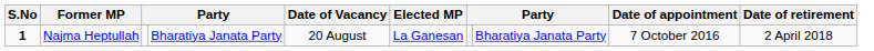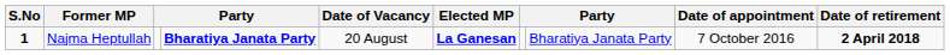 <table class="wikitable sortable">
 <tr>
 <th>S.No</th>
 <th>Former MP</th>
 <th colspan=2>Party</th>
 <th>Date of Vacancy</th>
 <th>Elected MP</th>
 <th colspan=2>Party</th>
 <th>Date of appointment</th>
 <th>Date of retirement</th>
 </tr>
 <tr style="text-align:center;">
 <td><strong>1</strong></td>
 <td><a href='#'>Najma Heptullah</a></td>
 <td></td>
-<td><a href='#'>Bharatiya Janata Party</a></td>
+<td><strong><a href='#'>Bharatiya Janata Party</a></strong></td>
 <td>20 August</td>
-<td><a href='#'>La Ganesan</a></td>
+<td><strong><a href='#'>La Ganesan</a></strong></td>
 <td></td>
 <td><a href='#'>Bharatiya Janata Party</a></td>
 <td>7 October 2016</td>
-<td>2 April 2018</td>
+<td><strong>2 April 2018</strong></td>
 </tr>
 </table>
